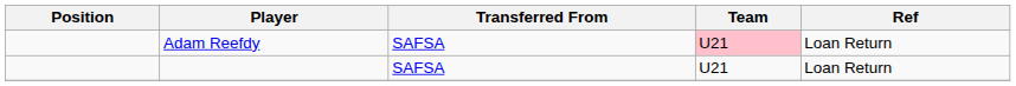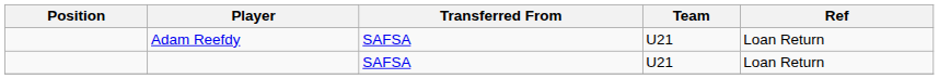 <table class="wikitable sortable" style="width:80%; text-align:center; font-size:100%; text-align:left;">
 <tr>
 <th><strong>Position</strong></th>
 <th><strong>Player</strong></th>
 <th><strong>Transferred From</strong></th>
 <th><strong>Team</strong></th>
 <th><strong>Ref</strong></th>
 </tr>
 <tr>
 <td></td>
 <td> <a href='#'>Adam Reefdy</a></td>
 <td> <a href='#'>SAFSA</a></td>
-<td style="background: pink;">U21</td>
+<td>U21</td>
 <td>Loan Return</td>
 </tr>
 <tr>
 <td></td>
 <td></td>
 <td> <a href='#'>SAFSA</a></td>
 <td>U21</td>
 <td>Loan Return</td>
 </tr>
 <tr>
 </tr>
 </table>
